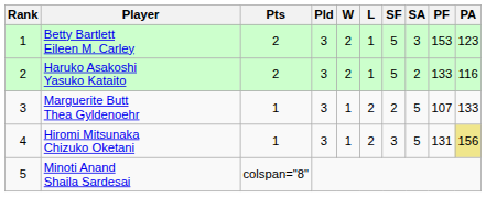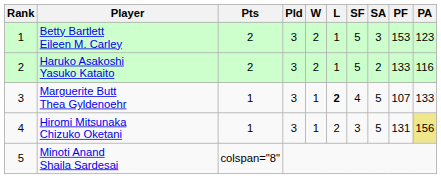 <table class=wikitable style="text-align:center; font-size:90%">
 <tr>
 <th width="20">Rank</th>
 <th width="225">Player</th>
 <th width="20">Pts</th>
 <th width="20">Pld</th>
 <th width="20">W</th>
 <th width="20">L</th>
 <th width="20">SF</th>
 <th width="20">SA</th>
 <th width="20">PF</th>
 <th width="20">PA</th>
 </tr>
 <tr bgcolor="#ccffcc">
 <td>1</td>
 <td style="text-align:left"> <a href='#'>Betty Bartlett</a><br> <a href='#'>Eileen M. Carley</a></td>
 <td>2</td>
 <td>3</td>
 <td>2</td>
 <td>1</td>
 <td>5</td>
 <td>3</td>
 <td>153</td>
 <td>123</td>
 </tr>
 <tr bgcolor="#ccffcc">
 <td>2</td>
 <td style="text-align:left"> <a href='#'>Haruko Asakoshi</a><br> <a href='#'>Yasuko Kataito</a></td>
 <td>2</td>
 <td>3</td>
 <td>2</td>
 <td>1</td>
 <td>5</td>
 <td>2</td>
 <td>133</td>
 <td>116</td>
 </tr>
 <tr>
 <td>3</td>
 <td style="text-align:left"> <a href='#'>Marguerite Butt</a><br> <a href='#'>Thea Gyldenoehr</a></td>
 <td>1</td>
 <td>3</td>
 <td>1</td>
-<td>2</td>
-<td>2</td>
+<td><strong>2</strong></td>
+<td>4</td>
 <td>5</td>
 <td>107</td>
 <td>133</td>
 </tr>
 <tr>
 <td>4</td>
 <td style="text-align:left"> <a href='#'>Hiromi Mitsunaka</a><br> <a href='#'>Chizuko Oketani</a></td>
 <td>1</td>
 <td>3</td>
 <td>1</td>
 <td>2</td>
 <td>3</td>
 <td>5</td>
 <td>131</td>
 <td style="background: khaki;">156</td>
 </tr>
 <tr>
 <td>5</td>
 <td style="text-align:left"> <a href='#'>Minoti Anand</a><br> <a href='#'>Shaila Sardesai</a></td>
 <td>colspan="8" </td>
 </tr>
 </table>
